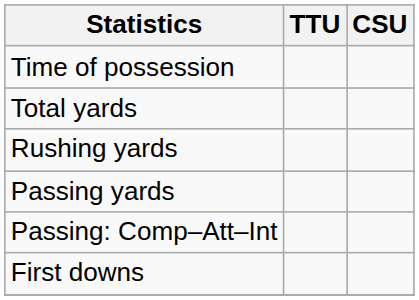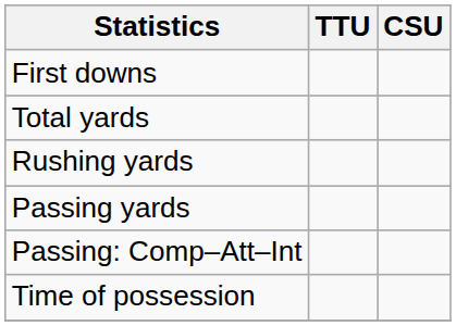 <table class="wikitable" style="float: left;">
 <tr>
 <th>Statistics</th>
 <th>TTU</th>
 <th>CSU</th>
 </tr>
 <tr>
-<td>Time of possession</td>
+<td>First downs</td>
 <td></td>
 <td></td>
 </tr>
 <tr>
 <td>Total yards</td>
 <td></td>
 <td></td>
 </tr>
 <tr>
 <td>Rushing yards</td>
 <td></td>
 <td></td>
 </tr>
 <tr>
 <td>Passing yards</td>
 <td></td>
 <td></td>
 </tr>
 <tr>
 <td>Passing: Comp–Att–Int</td>
 <td></td>
 <td></td>
 </tr>
 <tr>
-<td>First downs</td>
+<td>Time of possession</td>
 <td></td>
 <td></td>
 </tr>
 <tr>
 </tr>
 </table>
